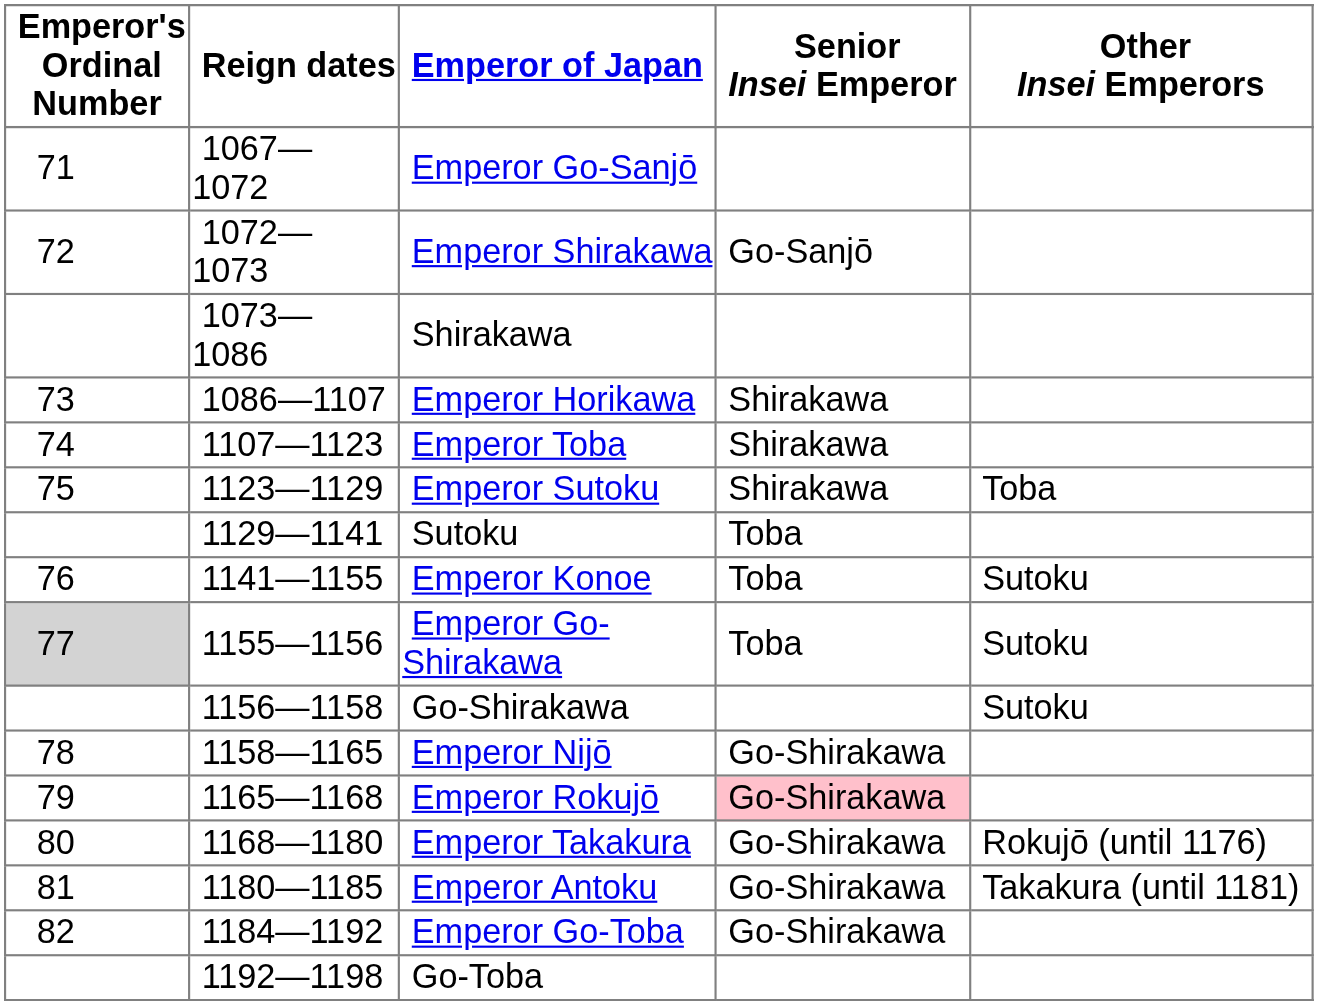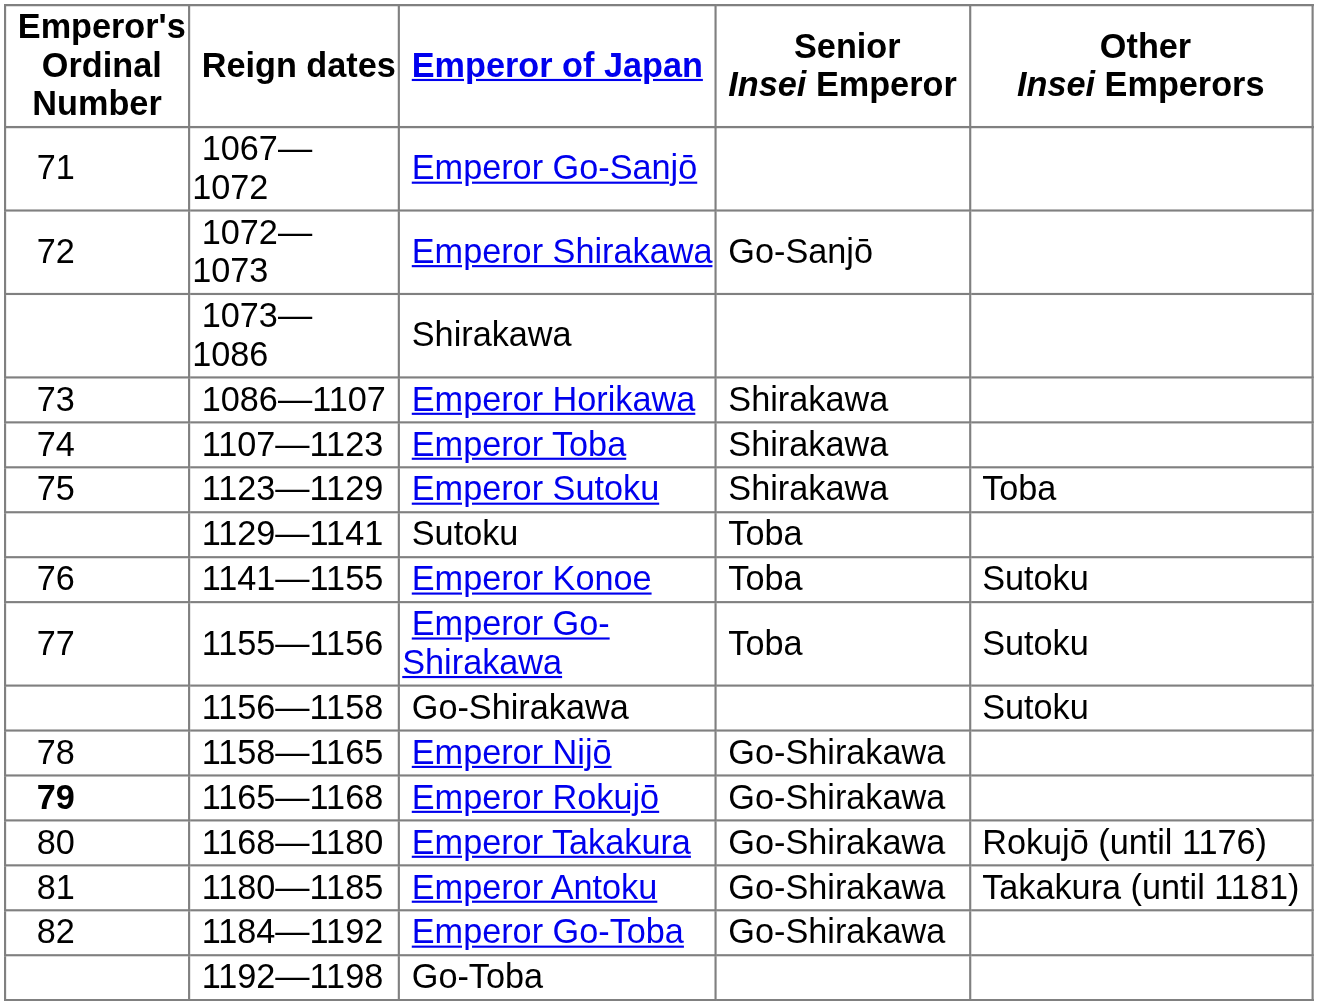 <table border=1 style="border-collapse: collapse">
 <tr>
 </tr>
 <tr>
 <th width="10" scope="col"> Emperor's<br> Ordinal<br> Number </th>
 <th width="15" scope="col"> Reign dates</th>
 <th width="15" scope="col"> <a href='#'>Emperor of Japan</a> </th>
 <th width="15" scope="col"> Senior<br> <em>Insei</em> Emperor </th>
 <th width="15" scope="col"> Other<br> <em>Insei</em> Emperors </th>
 </tr>
 <tr>
 </tr>
 <tr>
 <td>   71</td>
 <td> 1067—1072 </td>
 <td> <a href='#'>Emperor Go-Sanjō</a></td>
 <td></td>
 <td></td>
 </tr>
 <tr>
 <td>   72</td>
 <td> 1072—1073 </td>
 <td> <a href='#'>Emperor Shirakawa</a></td>
 <td> Go-Sanjō </td>
 <td></td>
 </tr>
 <tr>
 <td>  </td>
 <td> 1073—1086 </td>
 <td> Shirakawa</td>
 <td></td>
 <td></td>
 </tr>
 <tr>
 <td>   73</td>
 <td> 1086—1107</td>
 <td> <a href='#'>Emperor Horikawa</a></td>
 <td> Shirakawa</td>
 <td></td>
 </tr>
 <tr>
 <td>   74</td>
 <td> 1107—1123</td>
 <td> <a href='#'>Emperor Toba</a></td>
 <td> Shirakawa</td>
 <td></td>
 </tr>
 <tr>
 <td>   75</td>
 <td> 1123—1129</td>
 <td> <a href='#'>Emperor Sutoku</a></td>
 <td> Shirakawa</td>
 <td> Toba</td>
 </tr>
 <tr>
 <td>  </td>
 <td> 1129—1141</td>
 <td> Sutoku</td>
 <td> Toba</td>
 <td></td>
 </tr>
 <tr>
 <td>   76</td>
 <td> 1141—1155</td>
 <td> <a href='#'>Emperor Konoe</a></td>
 <td> Toba</td>
 <td> Sutoku</td>
 </tr>
 <tr>
-<td style="background: lightgrey;">   77</td>
+<td>   77</td>
 <td> 1155—1156</td>
 <td> <a href='#'>Emperor Go-Shirakawa</a> </td>
 <td> Toba</td>
 <td> Sutoku</td>
 </tr>
 <tr>
 <td>  </td>
 <td> 1156—1158</td>
 <td> Go-Shirakawa</td>
 <td> </td>
 <td> Sutoku</td>
 </tr>
 <tr>
 <td>   78</td>
 <td> 1158—1165</td>
 <td> <a href='#'>Emperor Nijō</a></td>
 <td> Go-Shirakawa</td>
 <td> </td>
 </tr>
 <tr>
-<td>   79</td>
+<td><strong>   79</strong></td>
 <td> 1165—1168</td>
 <td> <a href='#'>Emperor Rokujō</a></td>
-<td style="background: pink;"> Go-Shirakawa</td>
+<td> Go-Shirakawa</td>
 <td> </td>
 </tr>
 <tr>
 <td>   80</td>
 <td> 1168—1180</td>
 <td> <a href='#'>Emperor Takakura</a></td>
 <td> Go-Shirakawa</td>
 <td> Rokujō (until 1176)</td>
 </tr>
 <tr>
 <td>   81</td>
 <td> 1180—1185</td>
 <td> <a href='#'>Emperor Antoku</a></td>
 <td> Go-Shirakawa</td>
 <td> Takakura (until 1181) </td>
 </tr>
 <tr>
 <td>   82</td>
 <td> 1184—1192</td>
 <td> <a href='#'>Emperor Go-Toba</a></td>
 <td> Go-Shirakawa</td>
 <td> </td>
 </tr>
 <tr>
 <td>  </td>
 <td> 1192—1198</td>
 <td> Go-Toba</td>
 <td> </td>
 <td> </td>
 </tr>
 <tr>
 </tr>
 </table>
